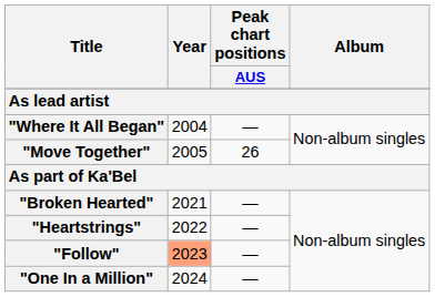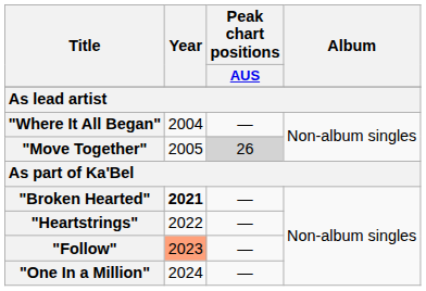 <table class="wikitable plainrowheaders" style="text-align:center;">
 <tr>
 <th scope="col" rowspan="2">Title</th>
 <th scope="col" rowspan="2">Year</th>
 <th scope="col" colspan="1">Peak chart positions</th>
 <th scope="col" rowspan="2">Album</th>
 </tr>
 <tr>
 <th scope="col" style="width:3em;font-size:90%;"><a href='#'>AUS</a><br></th>
 </tr>
 <tr>
 </tr>
 <tr>
 <th colspan=4 style="text-align:left">As lead artist</th>
 </tr>
 <tr>
 <th scope="row">"Where It All Began"</th>
 <td>2004</td>
 <td>—</td>
 <td rowspan="2">Non-album singles</td>
 </tr>
 <tr>
 <th scope="row">"Move Together"</th>
 <td>2005</td>
-<td>26</td>
+<td style="background: lightgrey;">26</td>
 </tr>
 <tr>
 <th colspan=4 style="text-align:left">As part of Ka'Bel</th>
 </tr>
 <tr>
 <th scope="row">"Broken Hearted"</th>
-<td>2021</td>
+<td><strong>2021</strong></td>
 <td>—</td>
 <td rowspan="4">Non-album singles</td>
 </tr>
 <tr>
 <th scope="row">"Heartstrings"</th>
 <td>2022</td>
 <td>—</td>
 </tr>
 <tr>
 <th scope="row">"Follow"</th>
 <td style="background: lightsalmon;">2023</td>
 <td>—</td>
 </tr>
 <tr>
 <th scope="row">"One In a Million"</th>
 <td>2024</td>
 <td>—</td>
 </tr>
 </table>
